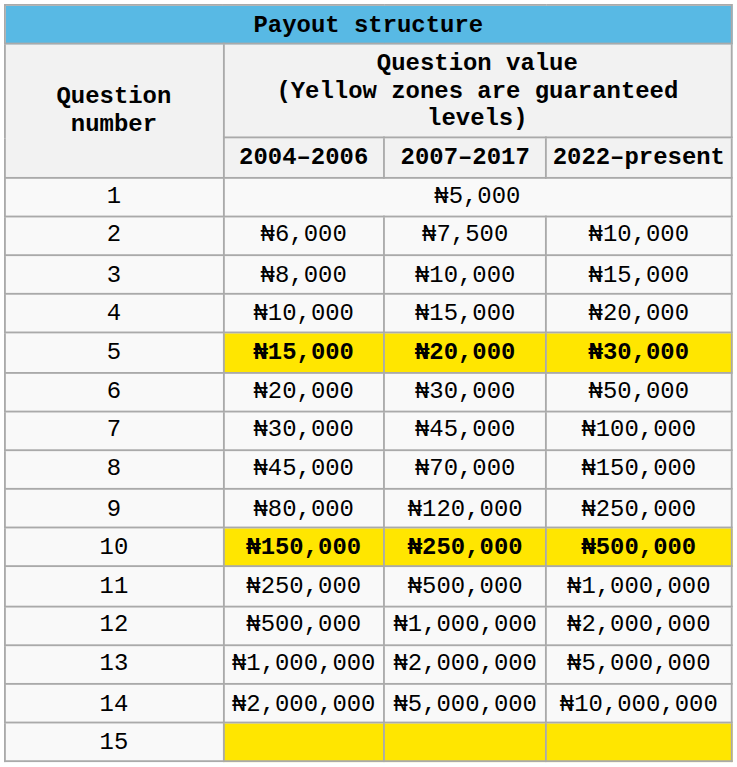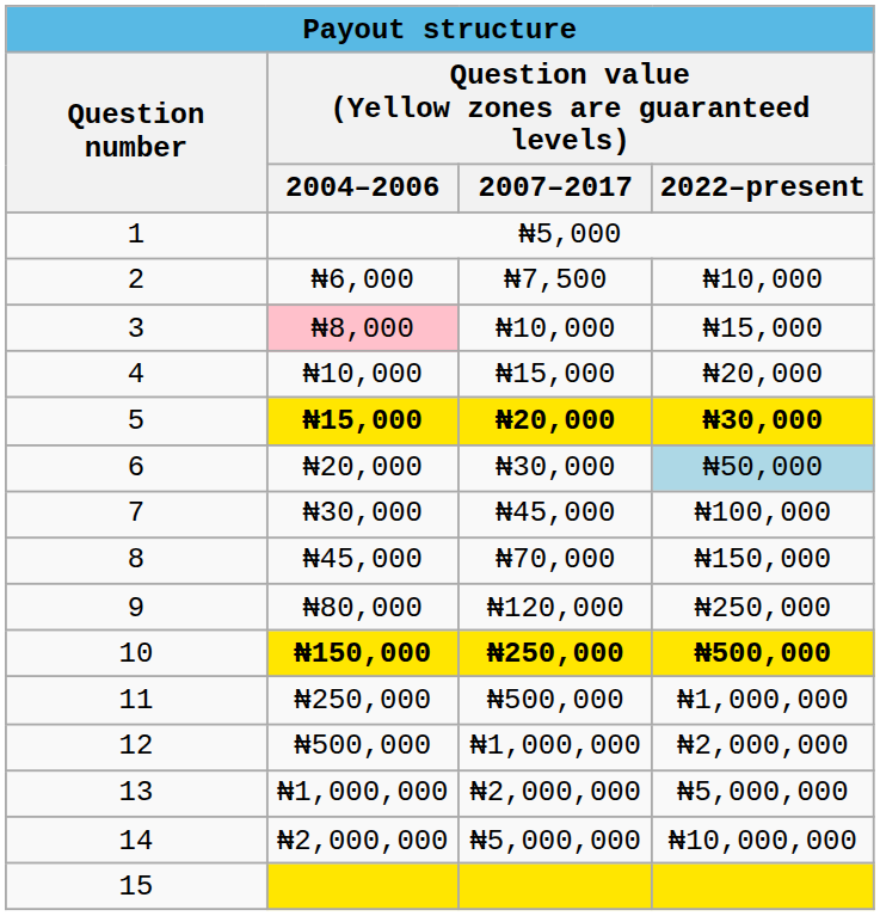 <table class="wikitable" style="text-align:center; border:1px; cellpadding:2; cellspacing:0; width:25%;">
 <tr>
 <th colspan="4" style="background: #58B9E4">Payout structure</th>
 </tr>
 <tr>
 <th rowspan=2 style="width: 30%">Question number</th>
 <th colspan="3">Question value<br>(Yellow zones are guaranteed levels)</th>
 </tr>
 <tr>
 <th>2004–2006</th>
 <th>2007–2017</th>
 <th>2022–present</th>
 </tr>
 <tr>
 <td>1</td>
 <td colspan="3">₦5,000</td>
 </tr>
 <tr>
 <td>2</td>
 <td>₦6,000</td>
 <td>₦7,500</td>
 <td>₦10,000</td>
 </tr>
 <tr>
 <td>3</td>
-<td>₦8,000</td>
+<td style="background: pink;">₦8,000</td>
 <td>₦10,000</td>
 <td>₦15,000</td>
 </tr>
 <tr>
 <td>4</td>
 <td>₦10,000</td>
 <td>₦15,000</td>
 <td>₦20,000</td>
 </tr>
 <tr>
 <td>5</td>
 <td style="background: #FFE600"><strong>₦15,000</strong></td>
 <td style="background: #FFE600"><strong>₦20,000</strong></td>
 <td style="background: #FFE600"><strong>₦30,000</strong></td>
 </tr>
 <tr>
 <td>6</td>
 <td>₦20,000</td>
 <td>₦30,000</td>
-<td>₦50,000</td>
+<td style="background: lightblue;">₦50,000</td>
 </tr>
 <tr>
 <td>7</td>
 <td>₦30,000</td>
 <td>₦45,000</td>
 <td>₦100,000</td>
 </tr>
 <tr>
 <td>8</td>
 <td>₦45,000</td>
 <td>₦70,000</td>
 <td>₦150,000</td>
 </tr>
 <tr>
 <td>9</td>
 <td>₦80,000</td>
 <td>₦120,000</td>
 <td>₦250,000</td>
 </tr>
 <tr>
 <td>10</td>
 <td style="background: #FFE600"><strong>₦150,000</strong></td>
 <td style="background: #FFE600"><strong>₦250,000</strong></td>
 <td style="background: #FFE600"><strong>₦500,000</strong></td>
 </tr>
 <tr>
 <td>11</td>
 <td>₦250,000</td>
 <td>₦500,000</td>
 <td>₦1,000,000</td>
 </tr>
 <tr>
 <td>12</td>
 <td>₦500,000</td>
 <td>₦1,000,000</td>
 <td>₦2,000,000</td>
 </tr>
 <tr>
 <td>13</td>
 <td>₦1,000,000</td>
 <td>₦2,000,000</td>
 <td>₦5,000,000</td>
 </tr>
 <tr>
 <td>14</td>
 <td>₦2,000,000</td>
 <td>₦5,000,000</td>
 <td>₦10,000,000</td>
 </tr>
 <tr>
 <td>15</td>
 <td style="background: #FFE600"><strong></strong></td>
 <td style="background: #FFE600"><strong></strong></td>
 <td style="background: #FFE600"><strong></strong></td>
 </tr>
 </table>
